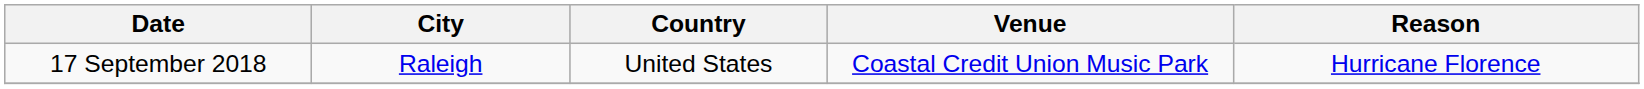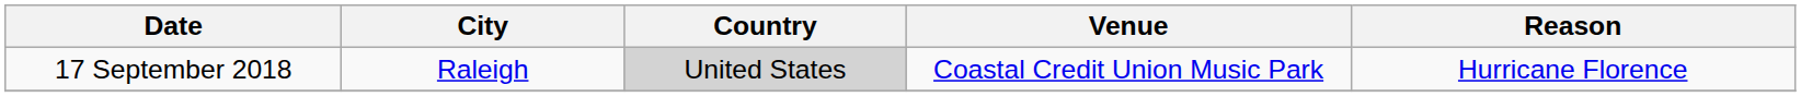 <table class="wikitable" style="text-align:center;">
 <tr>
 <th scope="col" style="width:12em;">Date</th>
 <th scope="col" style="width:10em;">City</th>
 <th scope="col" style="width:10em;">Country</th>
 <th scope="col" style="width:16em;">Venue</th>
 <th scope="col" style="width:16em;">Reason</th>
 </tr>
 <tr>
 <td>17 September 2018</td>
 <td><a href='#'>Raleigh</a></td>
-<td>United States</td>
+<td style="background: lightgrey;">United States</td>
 <td><a href='#'>Coastal Credit Union Music Park</a></td>
 <td><a href='#'>Hurricane Florence</a></td>
 </tr>
 <tr>
 </tr>
 </table>
